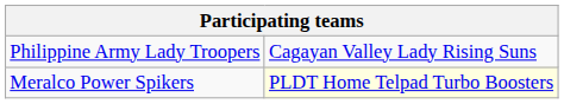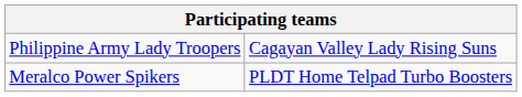 <table class="wikitable" style="text-align:center;">
 <tr>
 <th colspan="3">Participating teams</th>
 </tr>
 <tr align=left>
 <td> <a href='#'>Philippine Army Lady Troopers</a></td>
 <td> <a href='#'>Cagayan Valley Lady Rising Suns</a></td>
 </tr>
 <tr align=left>
 <td> <a href='#'>Meralco Power Spikers</a></td>
-<td style="background: lightyellow;"> <a href='#'>PLDT Home Telpad Turbo Boosters</a></td>
+<td> <a href='#'>PLDT Home Telpad Turbo Boosters</a></td>
 </tr>
 </table>
